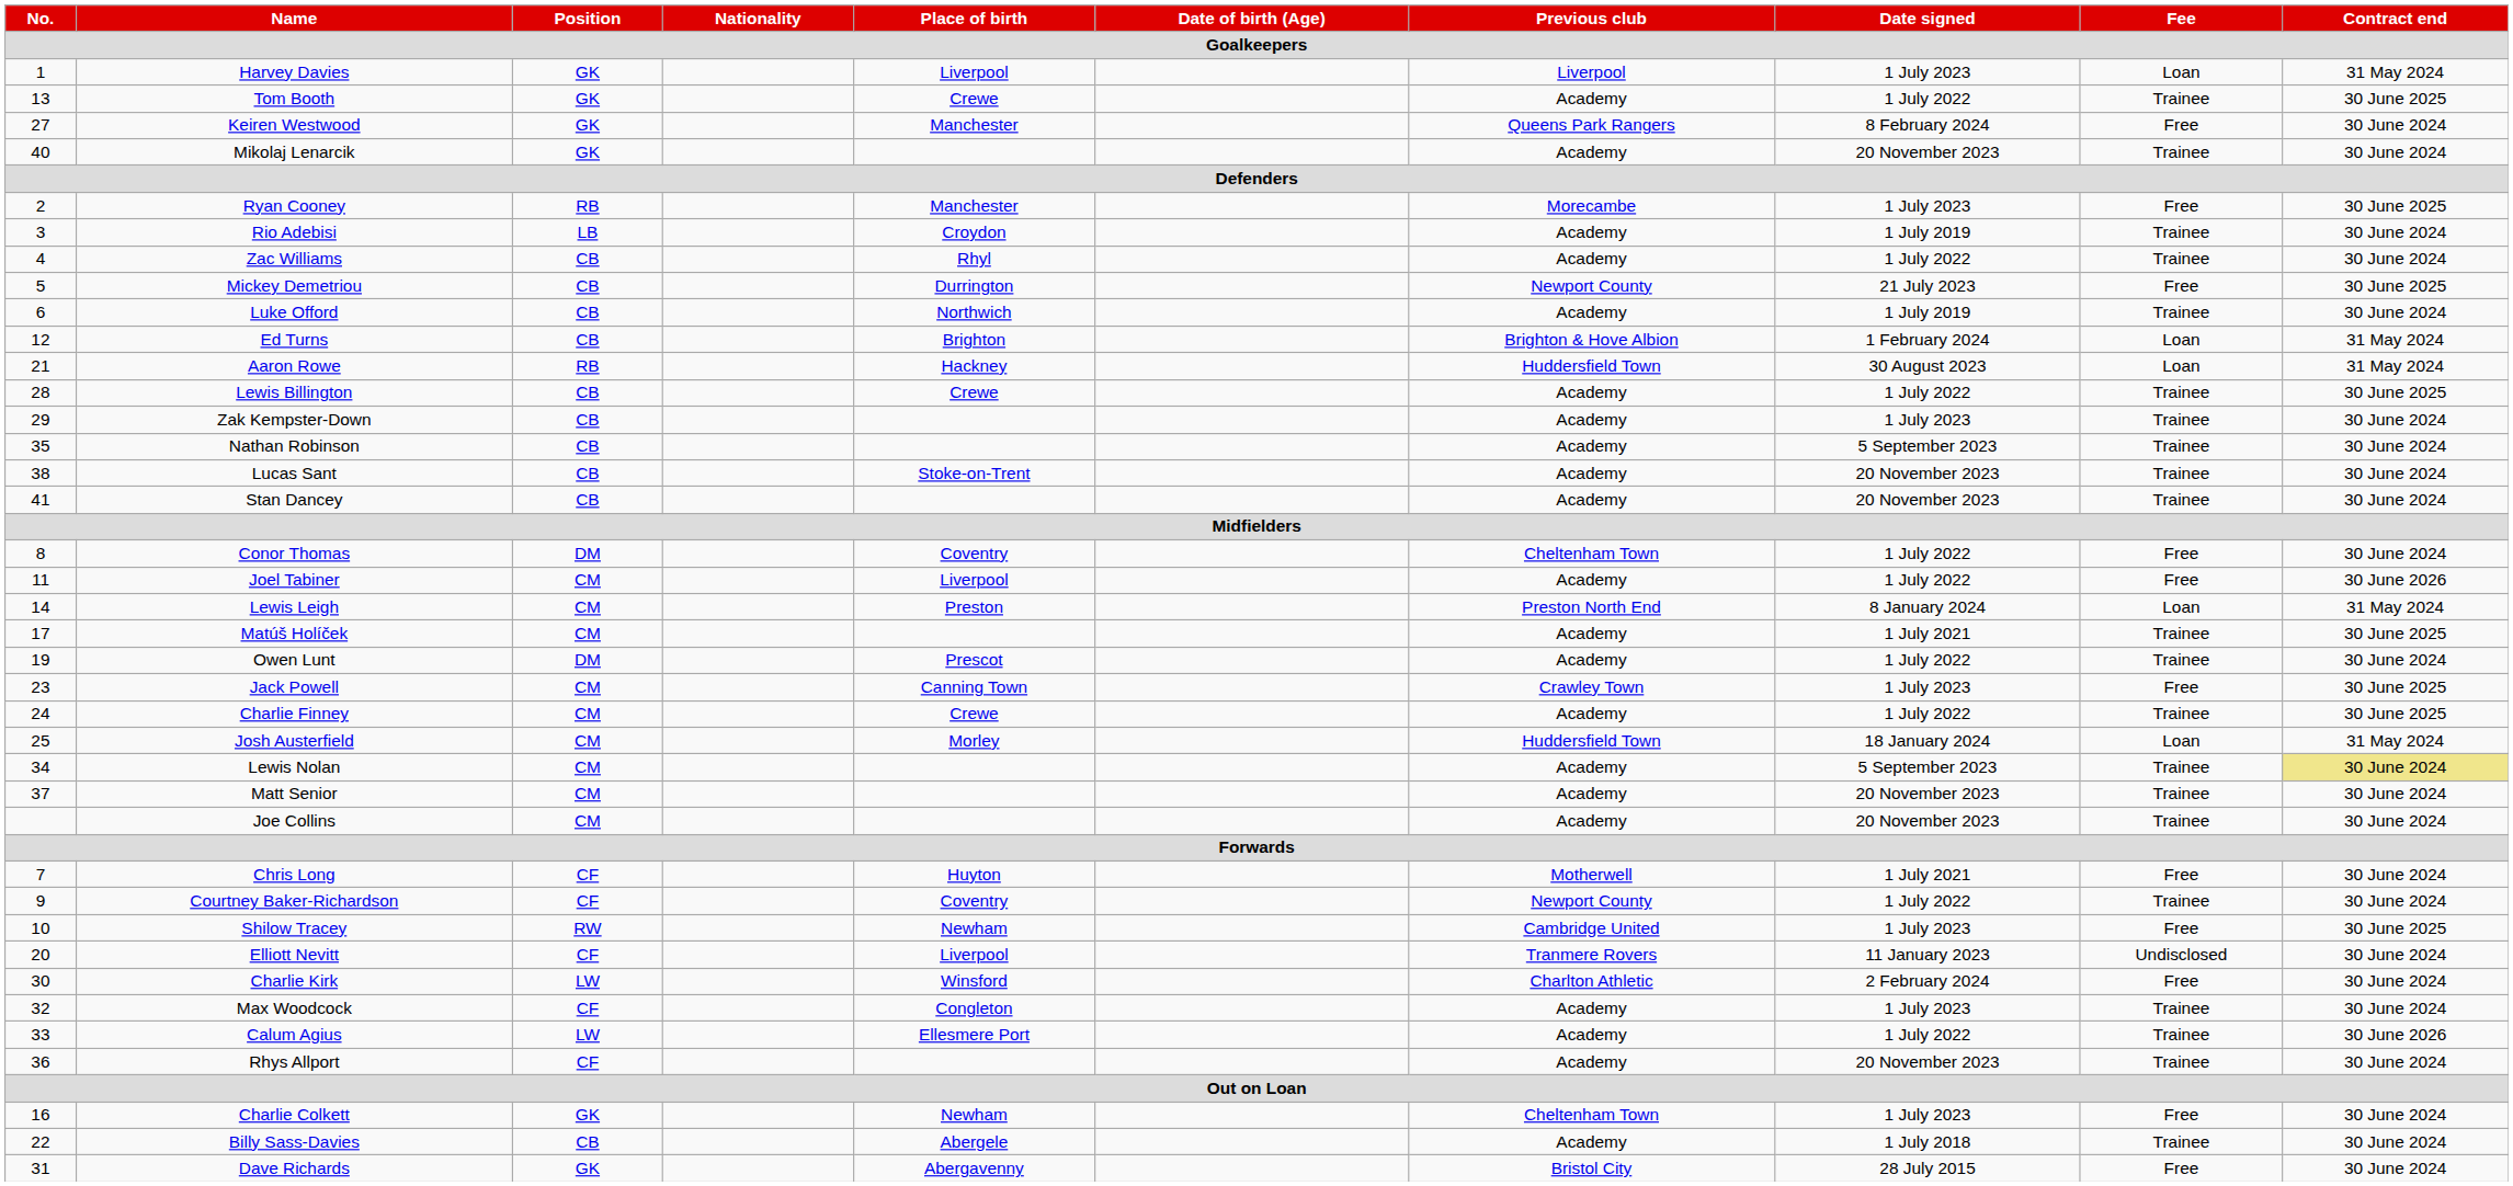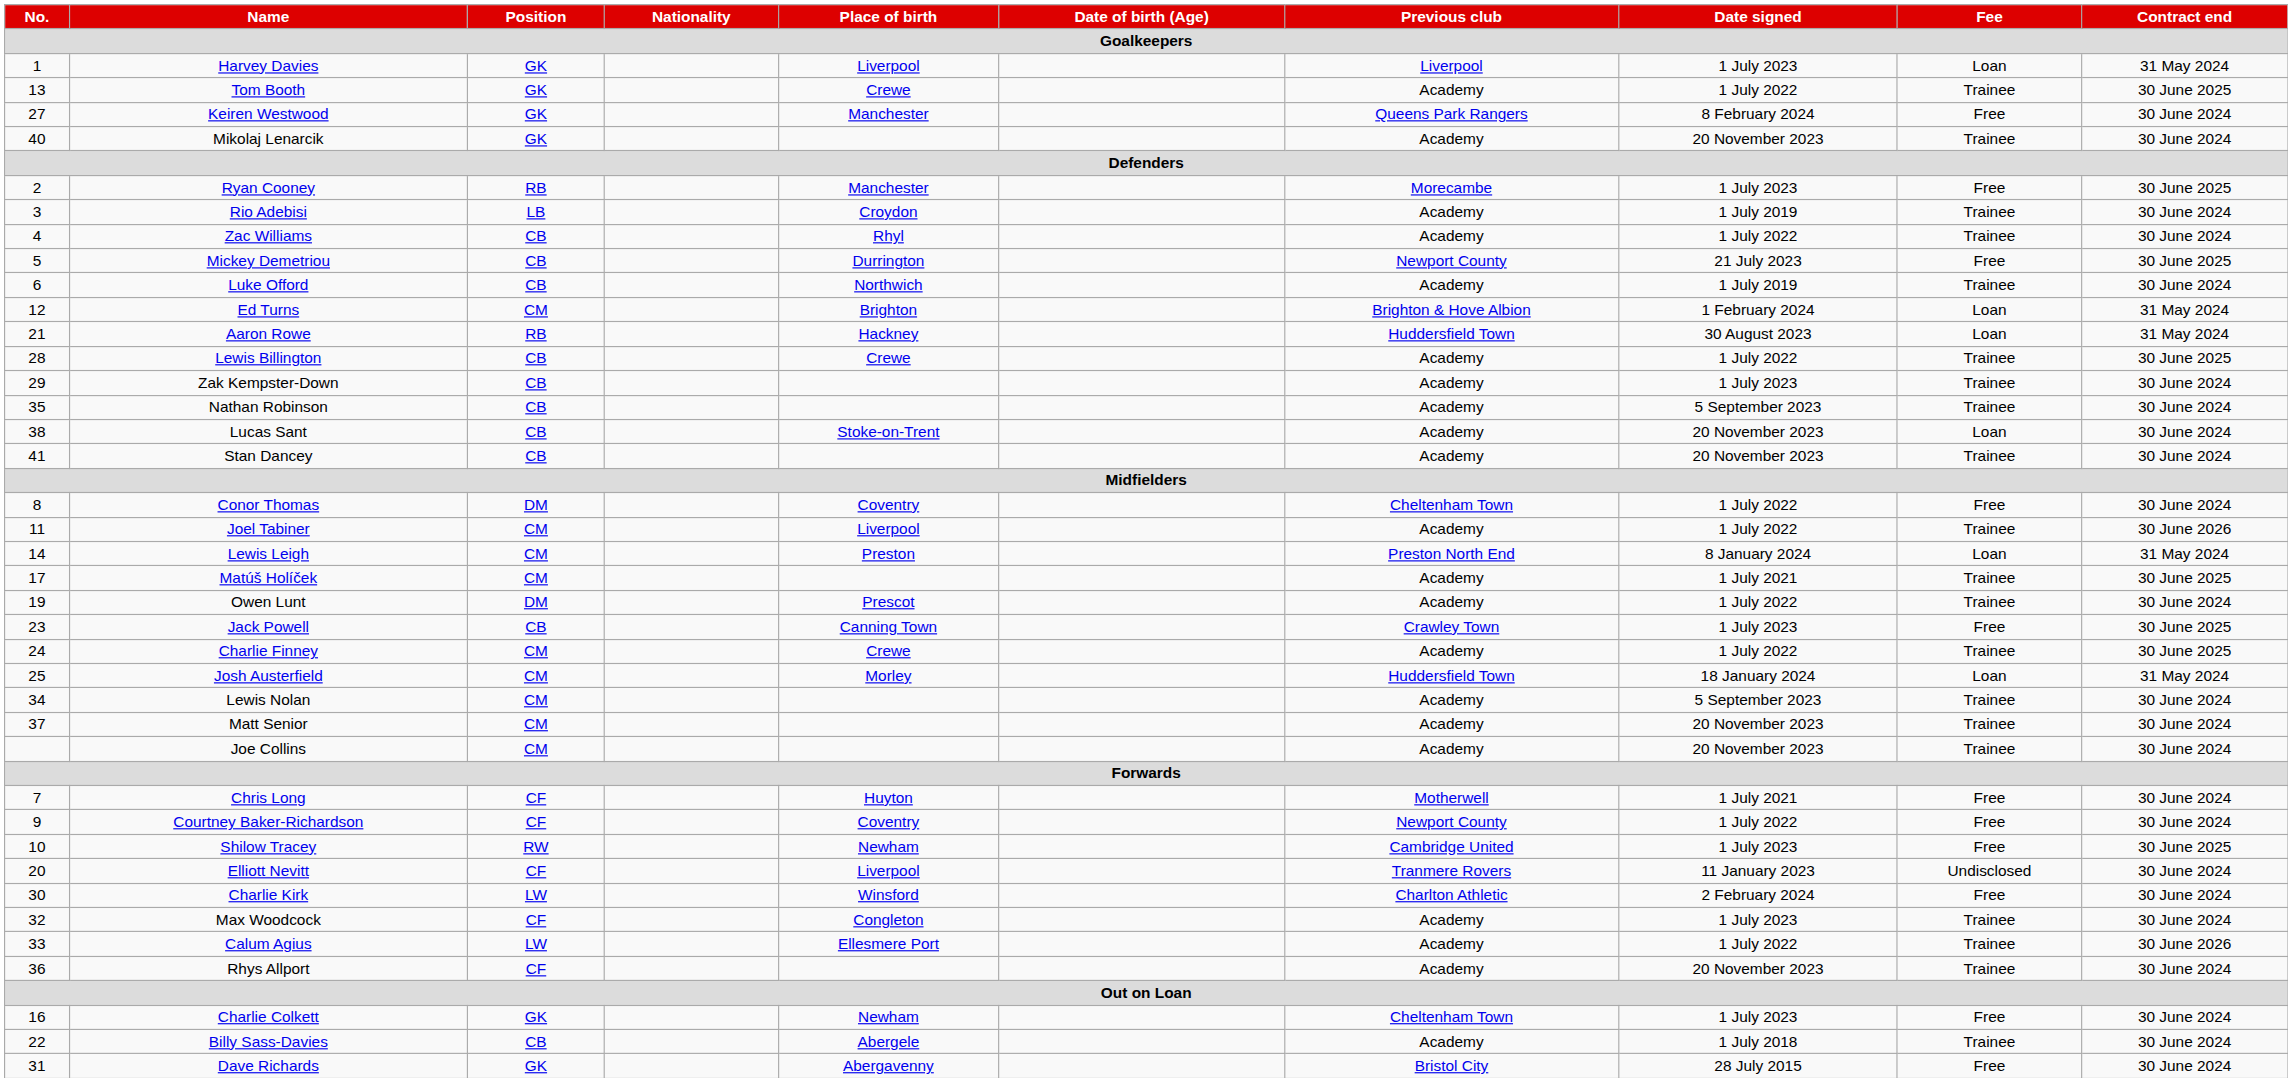 <table class="wikitable" style="text-align:center; font-size:84.5%; width:101%;">
 <tr>
 <th style="color:white; background:#d00; text-align:center;">No.</th>
 <th style="color:white; background:#d00; text-align:center;">Name</th>
 <th style="color:white; background:#d00; text-align:center;">Position</th>
 <th style="color:white; background:#d00; text-align:center;">Nationality</th>
 <th style="color:white; background:#d00; text-align:center;">Place of birth</th>
 <th style="color:white; background:#d00; text-align:center;">Date of birth (Age)</th>
 <th style="color:white; background:#d00; text-align:center;">Previous club</th>
 <th style="color:white; background:#d00; text-align:center;">Date signed</th>
 <th style="color:white; background:#d00; text-align:center;">Fee</th>
 <th style="color:white; background:#d00; text-align:center;">Contract end</th>
 </tr>
 <tr>
 <th colspan="14" style="background:#dcdcdc; tepxt-align:center;">Goalkeepers</th>
 </tr>
 <tr>
 <td>1</td>
 <td><a href='#'>Harvey Davies</a></td>
 <td><a href='#'>GK</a></td>
 <td></td>
 <td><a href='#'>Liverpool</a></td>
 <td></td>
 <td><a href='#'>Liverpool</a></td>
 <td>1 July 2023</td>
 <td>Loan</td>
 <td>31 May 2024</td>
 </tr>
 <tr>
 <td>13</td>
 <td><a href='#'>Tom Booth</a></td>
 <td><a href='#'>GK</a></td>
 <td></td>
 <td><a href='#'>Crewe</a></td>
 <td></td>
 <td>Academy</td>
 <td>1 July 2022</td>
 <td>Trainee</td>
 <td>30 June 2025</td>
 </tr>
 <tr>
 <td>27</td>
 <td><a href='#'>Keiren Westwood</a></td>
 <td><a href='#'>GK</a></td>
 <td></td>
 <td> <a href='#'>Manchester</a></td>
 <td></td>
 <td><a href='#'>Queens Park Rangers</a></td>
 <td>8 February 2024</td>
 <td>Free</td>
 <td>30 June 2024</td>
 </tr>
 <tr>
 <td>40</td>
 <td>Mikolaj Lenarcik</td>
 <td><a href='#'>GK</a></td>
 <td></td>
 <td></td>
 <td></td>
 <td>Academy</td>
 <td>20 November 2023</td>
 <td>Trainee</td>
 <td>30 June 2024</td>
 </tr>
 <tr>
 <th colspan="14" style="background:#dcdcdc; tepxt-align:center;">Defenders</th>
 </tr>
 <tr>
 <td>2</td>
 <td><a href='#'>Ryan Cooney</a></td>
 <td><a href='#'>RB</a></td>
 <td></td>
 <td><a href='#'>Manchester</a></td>
 <td></td>
 <td><a href='#'>Morecambe</a></td>
 <td>1 July 2023</td>
 <td>Free</td>
 <td>30 June 2025</td>
 </tr>
 <tr>
 <td>3</td>
 <td><a href='#'>Rio Adebisi</a></td>
 <td><a href='#'>LB</a></td>
 <td></td>
 <td><a href='#'>Croydon</a></td>
 <td></td>
 <td>Academy</td>
 <td>1 July 2019</td>
 <td>Trainee</td>
 <td>30 June 2024</td>
 </tr>
 <tr>
 <td>4</td>
 <td><a href='#'>Zac Williams</a></td>
 <td><a href='#'>CB</a></td>
 <td></td>
 <td><a href='#'>Rhyl</a></td>
 <td></td>
 <td>Academy</td>
 <td>1 July 2022</td>
 <td>Trainee</td>
 <td>30 June 2024</td>
 </tr>
 <tr>
 <td>5</td>
 <td><a href='#'>Mickey Demetriou</a></td>
 <td><a href='#'>CB</a></td>
 <td></td>
 <td><a href='#'>Durrington</a></td>
 <td></td>
 <td> <a href='#'>Newport County</a></td>
 <td>21 July 2023</td>
 <td>Free</td>
 <td>30 June 2025</td>
 </tr>
 <tr>
 <td>6</td>
 <td><a href='#'>Luke Offord</a></td>
 <td><a href='#'>CB</a></td>
 <td></td>
 <td><a href='#'>Northwich</a></td>
 <td></td>
 <td>Academy</td>
 <td>1 July 2019</td>
 <td>Trainee</td>
 <td>30 June 2024</td>
 </tr>
 <tr>
 <td>12</td>
 <td><a href='#'>Ed Turns</a></td>
-<td><a href='#'>CB</a></td>
+<td><a href='#'>CM</a></td>
 <td></td>
 <td> <a href='#'>Brighton</a></td>
 <td></td>
 <td><a href='#'>Brighton & Hove Albion</a></td>
 <td>1 February 2024</td>
 <td>Loan</td>
 <td>31 May 2024</td>
 </tr>
 <tr>
 <td>21</td>
 <td><a href='#'>Aaron Rowe</a></td>
 <td><a href='#'>RB</a></td>
 <td></td>
 <td><a href='#'>Hackney</a></td>
 <td></td>
 <td><a href='#'>Huddersfield Town</a></td>
 <td>30 August 2023</td>
 <td>Loan</td>
 <td>31 May 2024</td>
 </tr>
 <tr>
 <td>28</td>
 <td><a href='#'>Lewis Billington</a></td>
 <td><a href='#'>CB</a></td>
 <td></td>
 <td><a href='#'>Crewe</a></td>
 <td></td>
 <td>Academy</td>
 <td>1 July 2022</td>
 <td>Trainee</td>
 <td>30 June 2025</td>
 </tr>
 <tr>
 <td>29</td>
 <td>Zak Kempster-Down</td>
 <td><a href='#'>CB</a></td>
 <td></td>
 <td></td>
 <td></td>
 <td>Academy</td>
 <td>1 July 2023</td>
 <td>Trainee</td>
 <td>30 June 2024</td>
 </tr>
 <tr>
 <td>35</td>
 <td>Nathan Robinson</td>
 <td><a href='#'>CB</a></td>
 <td></td>
 <td></td>
 <td></td>
 <td>Academy</td>
 <td>5 September 2023</td>
 <td>Trainee</td>
 <td>30 June 2024</td>
 </tr>
 <tr>
 <td>38</td>
 <td>Lucas Sant</td>
 <td><a href='#'>CB</a></td>
 <td></td>
 <td><a href='#'>Stoke-on-Trent</a></td>
 <td></td>
 <td>Academy</td>
 <td>20 November 2023</td>
-<td>Trainee</td>
+<td>Loan</td>
 <td>30 June 2024</td>
 </tr>
 <tr>
 <td>41</td>
 <td>Stan Dancey</td>
 <td><a href='#'>CB</a></td>
 <td></td>
 <td></td>
 <td></td>
 <td>Academy</td>
 <td>20 November 2023</td>
 <td>Trainee</td>
 <td>30 June 2024</td>
 </tr>
 <tr>
 <th colspan="14" style="background:#dcdcdc; tepxt-align:center;">Midfielders</th>
 </tr>
 <tr>
 <td>8</td>
 <td><a href='#'>Conor Thomas</a></td>
 <td><a href='#'>DM</a></td>
 <td></td>
 <td><a href='#'>Coventry</a></td>
 <td></td>
 <td><a href='#'>Cheltenham Town</a></td>
 <td>1 July 2022</td>
 <td>Free</td>
 <td>30 June 2024</td>
 </tr>
 <tr>
 <td>11</td>
 <td><a href='#'>Joel Tabiner</a></td>
 <td><a href='#'>CM</a></td>
 <td></td>
 <td><a href='#'>Liverpool</a></td>
 <td></td>
 <td>Academy</td>
 <td>1 July 2022</td>
-<td>Free</td>
+<td>Trainee</td>
 <td>30 June 2026</td>
 </tr>
 <tr>
 <td>14</td>
 <td><a href='#'>Lewis Leigh</a></td>
 <td><a href='#'>CM</a></td>
 <td></td>
 <td><a href='#'>Preston</a></td>
 <td></td>
 <td><a href='#'>Preston North End</a></td>
 <td>8 January 2024</td>
 <td>Loan</td>
 <td>31 May 2024</td>
 </tr>
 <tr>
 <td>17</td>
 <td><a href='#'>Matúš Holíček</a></td>
 <td><a href='#'>CM</a></td>
 <td></td>
 <td></td>
 <td></td>
 <td>Academy</td>
 <td>1 July 2021</td>
 <td>Trainee</td>
 <td>30 June 2025</td>
 </tr>
 <tr>
 <td>19</td>
 <td>Owen Lunt</td>
 <td><a href='#'>DM</a></td>
 <td></td>
 <td><a href='#'>Prescot</a></td>
 <td></td>
 <td>Academy</td>
 <td>1 July 2022</td>
 <td>Trainee</td>
 <td>30 June 2024</td>
 </tr>
 <tr>
 <td>23</td>
 <td><a href='#'>Jack Powell</a></td>
-<td><a href='#'>CM</a></td>
+<td><a href='#'>CB</a></td>
 <td></td>
 <td><a href='#'>Canning Town</a></td>
 <td></td>
 <td><a href='#'>Crawley Town</a></td>
 <td>1 July 2023</td>
 <td>Free</td>
 <td>30 June 2025</td>
 </tr>
 <tr>
 <td>24</td>
 <td><a href='#'>Charlie Finney</a></td>
 <td><a href='#'>CM</a></td>
 <td></td>
 <td><a href='#'>Crewe</a></td>
 <td></td>
 <td>Academy</td>
 <td>1 July 2022</td>
 <td>Trainee</td>
 <td>30 June 2025</td>
 </tr>
 <tr>
 <td>25</td>
 <td><a href='#'>Josh Austerfield</a></td>
 <td><a href='#'>CM</a></td>
 <td></td>
 <td><a href='#'>Morley</a></td>
 <td></td>
 <td><a href='#'>Huddersfield Town</a></td>
 <td>18 January 2024</td>
 <td>Loan</td>
 <td>31 May 2024</td>
 </tr>
 <tr>
 <td>34</td>
 <td>Lewis Nolan</td>
 <td><a href='#'>CM</a></td>
 <td></td>
 <td></td>
 <td></td>
 <td>Academy</td>
 <td>5 September 2023</td>
 <td>Trainee</td>
-<td style="background: khaki;">30 June 2024</td>
+<td>30 June 2024</td>
 </tr>
 <tr>
 <td>37</td>
 <td>Matt Senior</td>
 <td><a href='#'>CM</a></td>
 <td></td>
 <td></td>
 <td></td>
 <td>Academy</td>
 <td>20 November 2023</td>
 <td>Trainee</td>
 <td>30 June 2024</td>
 </tr>
 <tr>
 <td></td>
 <td>Joe Collins</td>
 <td><a href='#'>CM</a></td>
 <td></td>
 <td></td>
 <td></td>
 <td>Academy</td>
 <td>20 November 2023</td>
 <td>Trainee</td>
 <td>30 June 2024</td>
 </tr>
 <tr>
 <th colspan="14" style="background:#dcdcdc; tepxt-align:center;">Forwards</th>
 </tr>
 <tr>
 <td>7</td>
 <td><a href='#'>Chris Long</a></td>
 <td><a href='#'>CF</a></td>
 <td></td>
 <td><a href='#'>Huyton</a></td>
 <td></td>
 <td> <a href='#'>Motherwell</a></td>
 <td>1 July 2021</td>
 <td>Free</td>
 <td>30 June 2024</td>
 </tr>
 <tr>
 <td>9</td>
 <td><a href='#'>Courtney Baker-Richardson</a></td>
 <td><a href='#'>CF</a></td>
 <td></td>
 <td><a href='#'>Coventry</a></td>
 <td></td>
 <td> <a href='#'>Newport County</a></td>
 <td>1 July 2022</td>
-<td>Trainee</td>
+<td>Free</td>
 <td>30 June 2024</td>
 </tr>
 <tr>
 <td>10</td>
 <td><a href='#'>Shilow Tracey</a></td>
 <td><a href='#'>RW</a></td>
 <td></td>
 <td><a href='#'>Newham</a></td>
 <td></td>
 <td><a href='#'>Cambridge United</a></td>
 <td>1 July 2023</td>
 <td>Free</td>
 <td>30 June 2025</td>
 </tr>
 <tr>
 <td>20</td>
 <td><a href='#'>Elliott Nevitt</a></td>
 <td><a href='#'>CF</a></td>
 <td></td>
 <td><a href='#'>Liverpool</a></td>
 <td></td>
 <td><a href='#'>Tranmere Rovers</a></td>
 <td>11 January 2023</td>
 <td>Undisclosed</td>
 <td>30 June 2024</td>
 </tr>
 <tr>
 <td>30</td>
 <td><a href='#'>Charlie Kirk</a></td>
 <td><a href='#'>LW</a></td>
 <td></td>
 <td><a href='#'>Winsford</a></td>
 <td></td>
 <td><a href='#'>Charlton Athletic</a></td>
 <td>2 February 2024</td>
 <td>Free</td>
 <td>30 June 2024</td>
 </tr>
 <tr>
 <td>32</td>
 <td>Max Woodcock</td>
 <td><a href='#'>CF</a></td>
 <td></td>
 <td> <a href='#'>Congleton</a></td>
 <td></td>
 <td>Academy</td>
 <td>1 July 2023</td>
 <td>Trainee</td>
 <td>30 June 2024</td>
 </tr>
 <tr>
 <td>33</td>
 <td><a href='#'>Calum Agius</a></td>
 <td><a href='#'>LW</a></td>
 <td></td>
 <td> <a href='#'>Ellesmere Port</a></td>
 <td></td>
 <td>Academy</td>
 <td>1 July 2022</td>
 <td>Trainee</td>
 <td>30 June 2026</td>
 </tr>
 <tr>
 <td>36</td>
 <td>Rhys Allport</td>
 <td><a href='#'>CF</a></td>
 <td></td>
 <td></td>
 <td></td>
 <td>Academy</td>
 <td>20 November 2023</td>
 <td>Trainee</td>
 <td>30 June 2024</td>
 </tr>
 <tr>
 <th colspan="14" style="background:#dcdcdc; tepxt-align:center;">Out on Loan</th>
 </tr>
 <tr>
 <td>16</td>
 <td><a href='#'>Charlie Colkett</a></td>
 <td><a href='#'>GK</a></td>
 <td></td>
 <td><a href='#'>Newham</a></td>
 <td></td>
 <td><a href='#'>Cheltenham Town</a></td>
 <td>1 July 2023</td>
 <td>Free</td>
 <td>30 June 2024</td>
 </tr>
 <tr>
 <td>22</td>
 <td><a href='#'>Billy Sass-Davies</a></td>
 <td><a href='#'>CB</a></td>
 <td></td>
 <td><a href='#'>Abergele</a></td>
 <td></td>
 <td>Academy</td>
 <td>1 July 2018</td>
 <td>Trainee</td>
 <td>30 June 2024</td>
 </tr>
 <tr>
 <td>31</td>
 <td><a href='#'>Dave Richards</a></td>
 <td><a href='#'>GK</a></td>
 <td></td>
 <td><a href='#'>Abergavenny</a></td>
 <td></td>
 <td><a href='#'>Bristol City</a></td>
 <td>28 July 2015</td>
 <td>Free</td>
 <td>30 June 2024</td>
 </tr>
 </table>
